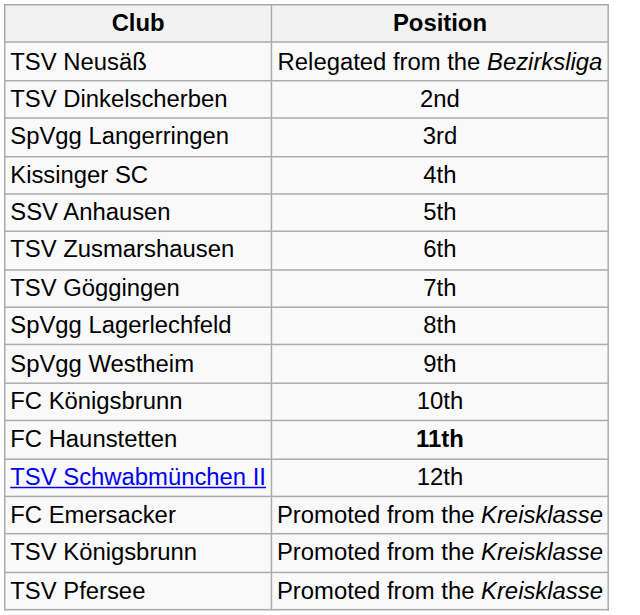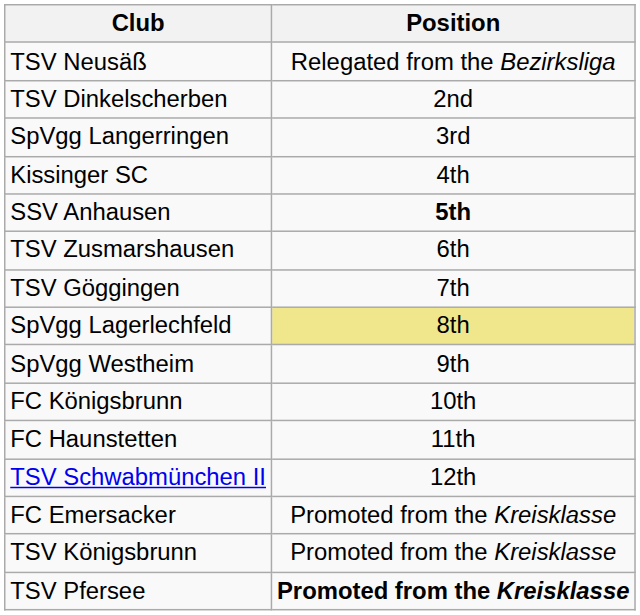 <table class="wikitable sortable" style="text-align:center">
 <tr>
 <th>Club</th>
 <th>Position</th>
 </tr>
 <tr>
 <td style="text-align:left;">TSV Neusäß</td>
 <td>Relegated from the <em>Bezirksliga</em></td>
 </tr>
 <tr>
 <td style="text-align:left;">TSV Dinkelscherben</td>
 <td>2nd</td>
 </tr>
 <tr>
 <td style="text-align:left;">SpVgg Langerringen</td>
 <td>3rd</td>
 </tr>
 <tr>
 <td style="text-align:left;">Kissinger SC</td>
 <td>4th</td>
 </tr>
 <tr>
 <td style="text-align:left;">SSV Anhausen</td>
-<td>5th</td>
+<td><strong>5th</strong></td>
 </tr>
 <tr>
 <td style="text-align:left;">TSV Zusmarshausen</td>
 <td>6th</td>
 </tr>
 <tr>
 <td style="text-align:left;">TSV Göggingen</td>
 <td>7th</td>
 </tr>
 <tr>
 <td style="text-align:left;">SpVgg Lagerlechfeld</td>
-<td>8th</td>
+<td style="background: khaki;">8th</td>
 </tr>
 <tr>
 <td style="text-align:left;">SpVgg Westheim</td>
 <td>9th</td>
 </tr>
 <tr>
 <td style="text-align:left;">FC Königsbrunn</td>
 <td>10th</td>
 </tr>
 <tr>
 <td style="text-align:left;">FC Haunstetten</td>
-<td><strong>11th</strong></td>
+<td>11th</td>
 </tr>
 <tr>
 <td style="text-align:left;"><a href='#'>TSV Schwabmünchen II</a></td>
 <td>12th</td>
 </tr>
 <tr>
 <td style="text-align:left;">FC Emersacker</td>
 <td>Promoted from the <em>Kreisklasse</em></td>
 </tr>
 <tr>
 <td style="text-align:left;">TSV Königsbrunn</td>
 <td>Promoted from the <em>Kreisklasse</em></td>
 </tr>
 <tr>
 <td style="text-align:left;">TSV Pfersee</td>
-<td>Promoted from the <em>Kreisklasse</em></td>
+<td><strong>Promoted from the <em>Kreisklasse</em></strong></td>
 </tr>
 </table>
